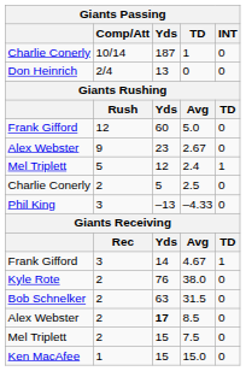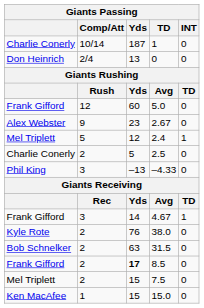 <table class="wikitable">
 <tr>
 <th colspan="5">Giants Passing</th>
 </tr>
 <tr>
 <th></th>
 <th>Comp/Att</th>
 <th>Yds</th>
 <th>TD</th>
 <th>INT</th>
 </tr>
 <tr>
 <td><a href='#'>Charlie Conerly</a></td>
 <td>10/14</td>
 <td>187</td>
 <td>1</td>
 <td>0</td>
 </tr>
 <tr>
 <td><a href='#'>Don Heinrich</a></td>
 <td>2/4</td>
 <td>13</td>
 <td>0</td>
 <td>0</td>
 </tr>
 <tr>
 <th colspan="5">Giants Rushing</th>
 </tr>
 <tr>
 <th></th>
 <th>Rush</th>
 <th>Yds</th>
 <th>Avg</th>
 <th>TD</th>
 </tr>
 <tr>
 <td><a href='#'>Frank Gifford</a></td>
 <td>12</td>
 <td>60</td>
 <td>5.0</td>
 <td>0</td>
 </tr>
 <tr>
 <td><a href='#'>Alex Webster</a></td>
 <td>9</td>
 <td>23</td>
 <td>2.67</td>
 <td>0</td>
 </tr>
 <tr>
 <td><a href='#'>Mel Triplett</a></td>
 <td>5</td>
 <td>12</td>
 <td>2.4</td>
 <td>1</td>
 </tr>
 <tr>
 <td>Charlie Conerly</td>
 <td>2</td>
 <td>5</td>
 <td>2.5</td>
 <td>0</td>
 </tr>
 <tr>
 <td><a href='#'>Phil King</a></td>
 <td>3</td>
 <td>–13</td>
 <td>–4.33</td>
 <td>0</td>
 </tr>
 <tr>
 <th colspan="5">Giants Receiving</th>
 </tr>
 <tr>
 <th></th>
 <th>Rec</th>
 <th>Yds</th>
 <th>Avg</th>
 <th>TD</th>
 </tr>
 <tr>
 <td>Frank Gifford</td>
 <td>3</td>
 <td>14</td>
 <td>4.67</td>
 <td>1</td>
 </tr>
 <tr>
 <td><a href='#'>Kyle Rote</a></td>
 <td>2</td>
 <td>76</td>
 <td>38.0</td>
 <td>0</td>
 </tr>
 <tr>
 <td><a href='#'>Bob Schnelker</a></td>
 <td>2</td>
 <td>63</td>
 <td>31.5</td>
 <td>0</td>
 </tr>
 <tr>
-<td>Alex Webster</td>
+<td><a href='#'>Frank Gifford</a></td>
 <td>2</td>
 <td><strong>17</strong></td>
 <td>8.5</td>
 <td>0</td>
 </tr>
 <tr>
 <td>Mel Triplett</td>
 <td>2</td>
 <td>15</td>
 <td>7.5</td>
 <td>0</td>
 </tr>
 <tr>
 <td><a href='#'>Ken MacAfee</a></td>
 <td>1</td>
 <td>15</td>
 <td>15.0</td>
 <td>0</td>
 </tr>
 </table>
